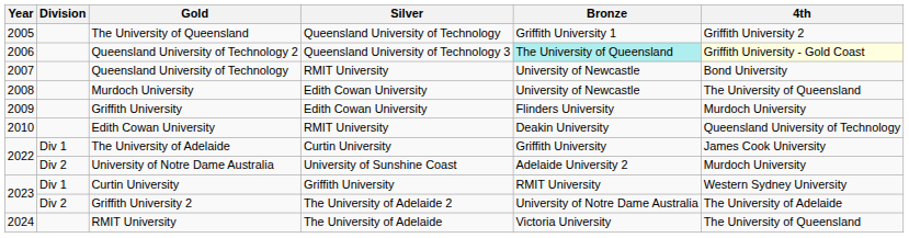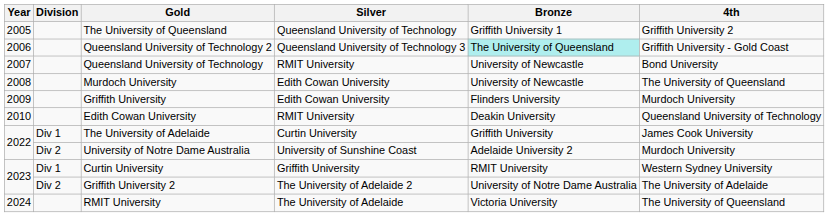 <table class="wikitable">
 <tr>
 <th>Year</th>
 <th>Division</th>
 <th>Gold</th>
 <th>Silver</th>
 <th>Bronze</th>
 <th>4th</th>
 </tr>
 <tr>
 <td>2005</td>
 <td></td>
 <td>The University of Queensland</td>
 <td>Queensland University of Technology</td>
 <td>Griffith University 1</td>
 <td>Griffith University 2</td>
 </tr>
 <tr>
 <td>2006</td>
 <td></td>
 <td>Queensland University of Technology 2</td>
 <td>Queensland University of Technology 3</td>
 <td style="background: paleturquoise;">The University of Queensland</td>
-<td style="background: lightyellow;">Griffith University - Gold Coast</td>
+<td>Griffith University - Gold Coast</td>
 </tr>
 <tr>
 <td>2007</td>
 <td></td>
 <td>Queensland University of Technology</td>
 <td>RMIT University</td>
 <td>University of Newcastle</td>
 <td>Bond University</td>
 </tr>
 <tr>
 <td>2008</td>
 <td></td>
 <td>Murdoch University</td>
 <td>Edith Cowan University</td>
 <td>University of Newcastle</td>
 <td>The University of Queensland</td>
 </tr>
 <tr>
 <td>2009</td>
 <td></td>
 <td>Griffith University</td>
 <td>Edith Cowan University</td>
 <td>Flinders University</td>
 <td>Murdoch University</td>
 </tr>
 <tr>
 <td>2010</td>
 <td></td>
 <td>Edith Cowan University</td>
 <td>RMIT University</td>
 <td>Deakin University</td>
 <td>Queensland University of Technology</td>
 </tr>
 <tr>
 <td rowspan="2">2022</td>
 <td>Div 1</td>
 <td>The University of Adelaide</td>
 <td>Curtin University</td>
 <td>Griffith University</td>
 <td>James Cook University</td>
 </tr>
 <tr>
 <td>Div 2</td>
 <td>University of Notre Dame Australia</td>
 <td>University of Sunshine Coast</td>
 <td>Adelaide University 2</td>
 <td>Murdoch University</td>
 </tr>
 <tr>
 <td rowspan="2">2023</td>
 <td>Div 1</td>
 <td>Curtin University</td>
 <td>Griffith University</td>
 <td>RMIT University</td>
 <td>Western Sydney University</td>
 </tr>
 <tr>
 <td>Div 2</td>
 <td>Griffith University 2</td>
 <td>The University of Adelaide 2</td>
 <td>University of Notre Dame Australia</td>
 <td>The University of Adelaide</td>
 </tr>
 <tr>
 <td>2024</td>
 <td></td>
 <td>RMIT University</td>
 <td>The University of Adelaide</td>
 <td>Victoria University</td>
 <td>The University of Queensland</td>
 </tr>
 </table>
